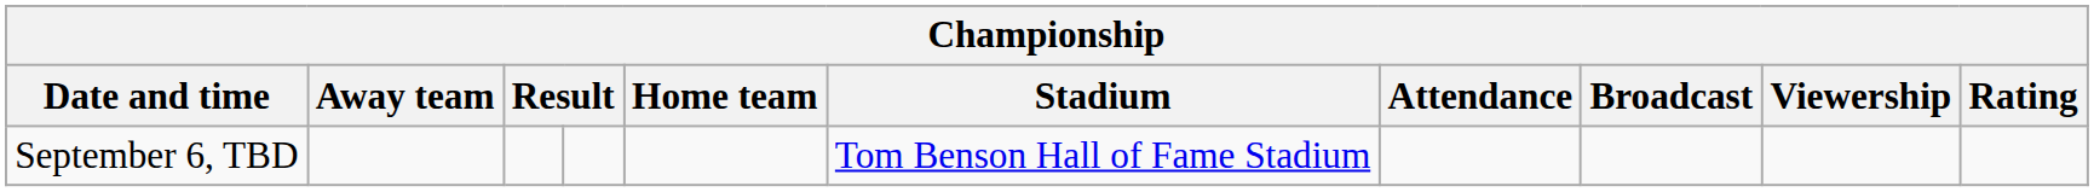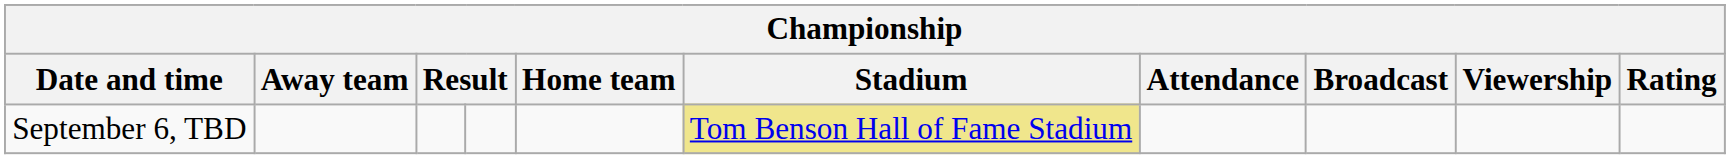 <table class="wikitable">
 <tr>
 <th colspan="10">Championship</th>
 </tr>
 <tr>
 <th>Date and time</th>
 <th>Away team</th>
 <th colspan="2">Result</th>
 <th>Home team</th>
 <th>Stadium</th>
 <th>Attendance</th>
 <th>Broadcast</th>
 <th>Viewership<br></th>
 <th>Rating</th>
 </tr>
 <tr>
 <td>September 6, TBD</td>
 <td></td>
 <td></td>
 <td></td>
 <td></td>
-<td><a href='#'>Tom Benson Hall of Fame Stadium</a></td>
+<td style="background: khaki;"><a href='#'>Tom Benson Hall of Fame Stadium</a></td>
 <td></td>
 <td></td>
 <td></td>
 <td></td>
 </tr>
 </table>
